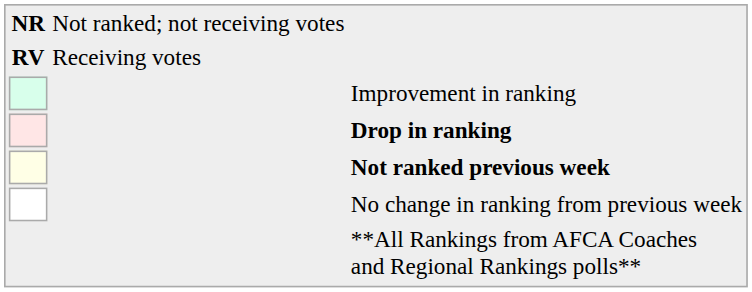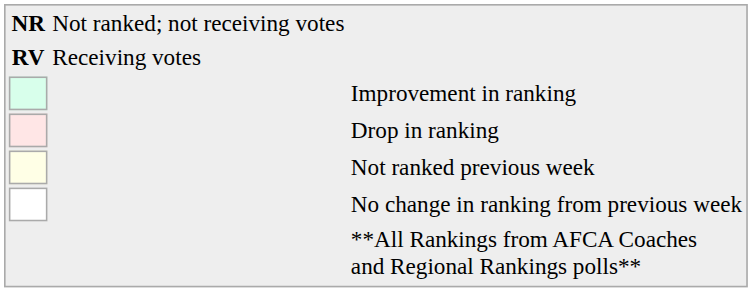 <table style="font-size:90%; border:1px solid #aaa; white-space:nowrap; background:#eee;">
 <tr>
 <th>NR</th>
 <td>Not ranked; not receiving votes</td>
 </tr>
 <tr>
 <th>RV</th>
 <td>Receiving votes</td>
 </tr>
 <tr>
 <td style="background:#d8ffeb; width:20px; border:1px solid #aaa;"> </td>
 <td rowspan=6> </td>
 <td>Improvement in ranking</td>
 </tr>
 <tr>
 <td style="background:#ffe6e6; width:20px; border:1px solid #aaa;"> </td>
-<td><strong>Drop in ranking</strong></td>
+<td>Drop in ranking</td>
 </tr>
 <tr>
 <td style="background:#ffffe6; width:20px; border:1px solid #aaa;"> </td>
-<td><strong>Not ranked previous week</strong></td>
+<td>Not ranked previous week</td>
 </tr>
 <tr>
 <td style="background:#fff; width:20px; border:1px solid #aaa;"> </td>
 <td>No change in ranking from previous week</td>
 </tr>
 <tr>
 <th></th>
 <td>**All Rankings from AFCA Coaches <br>and Regional Rankings polls**</td>
 </tr>
 </table>
